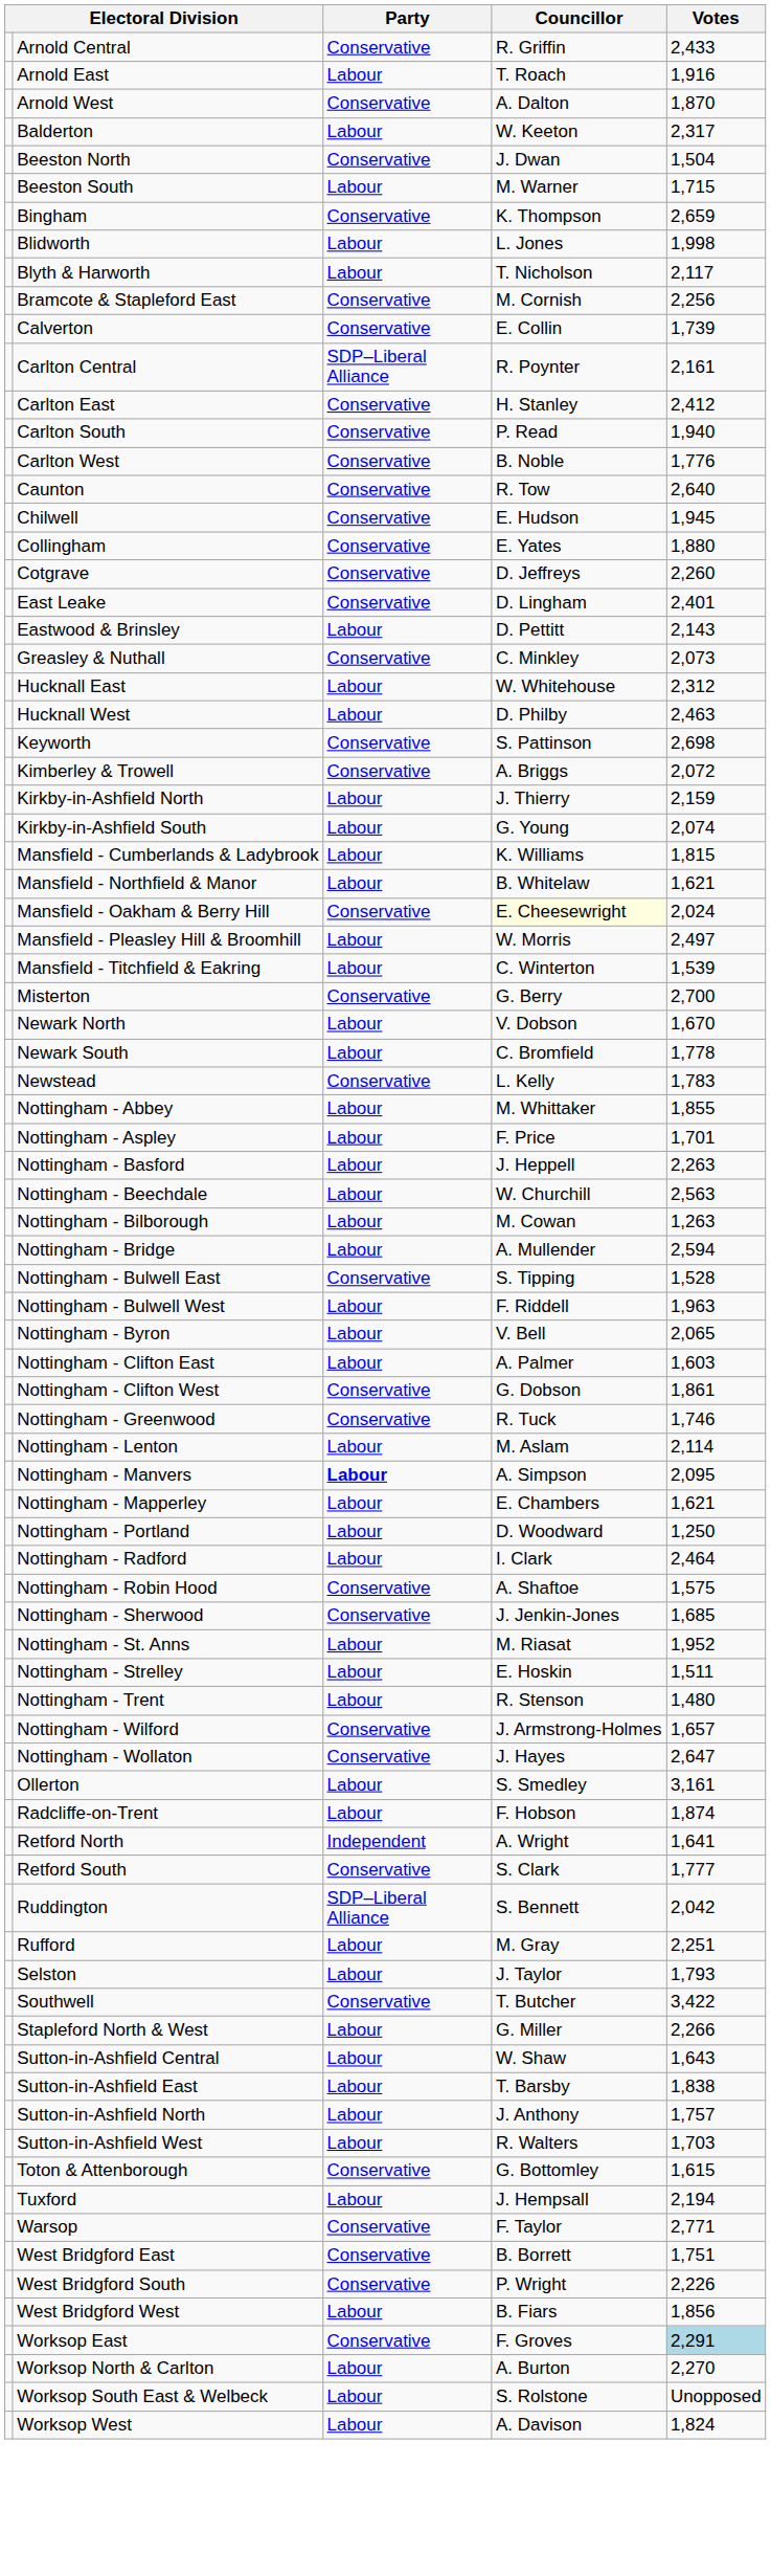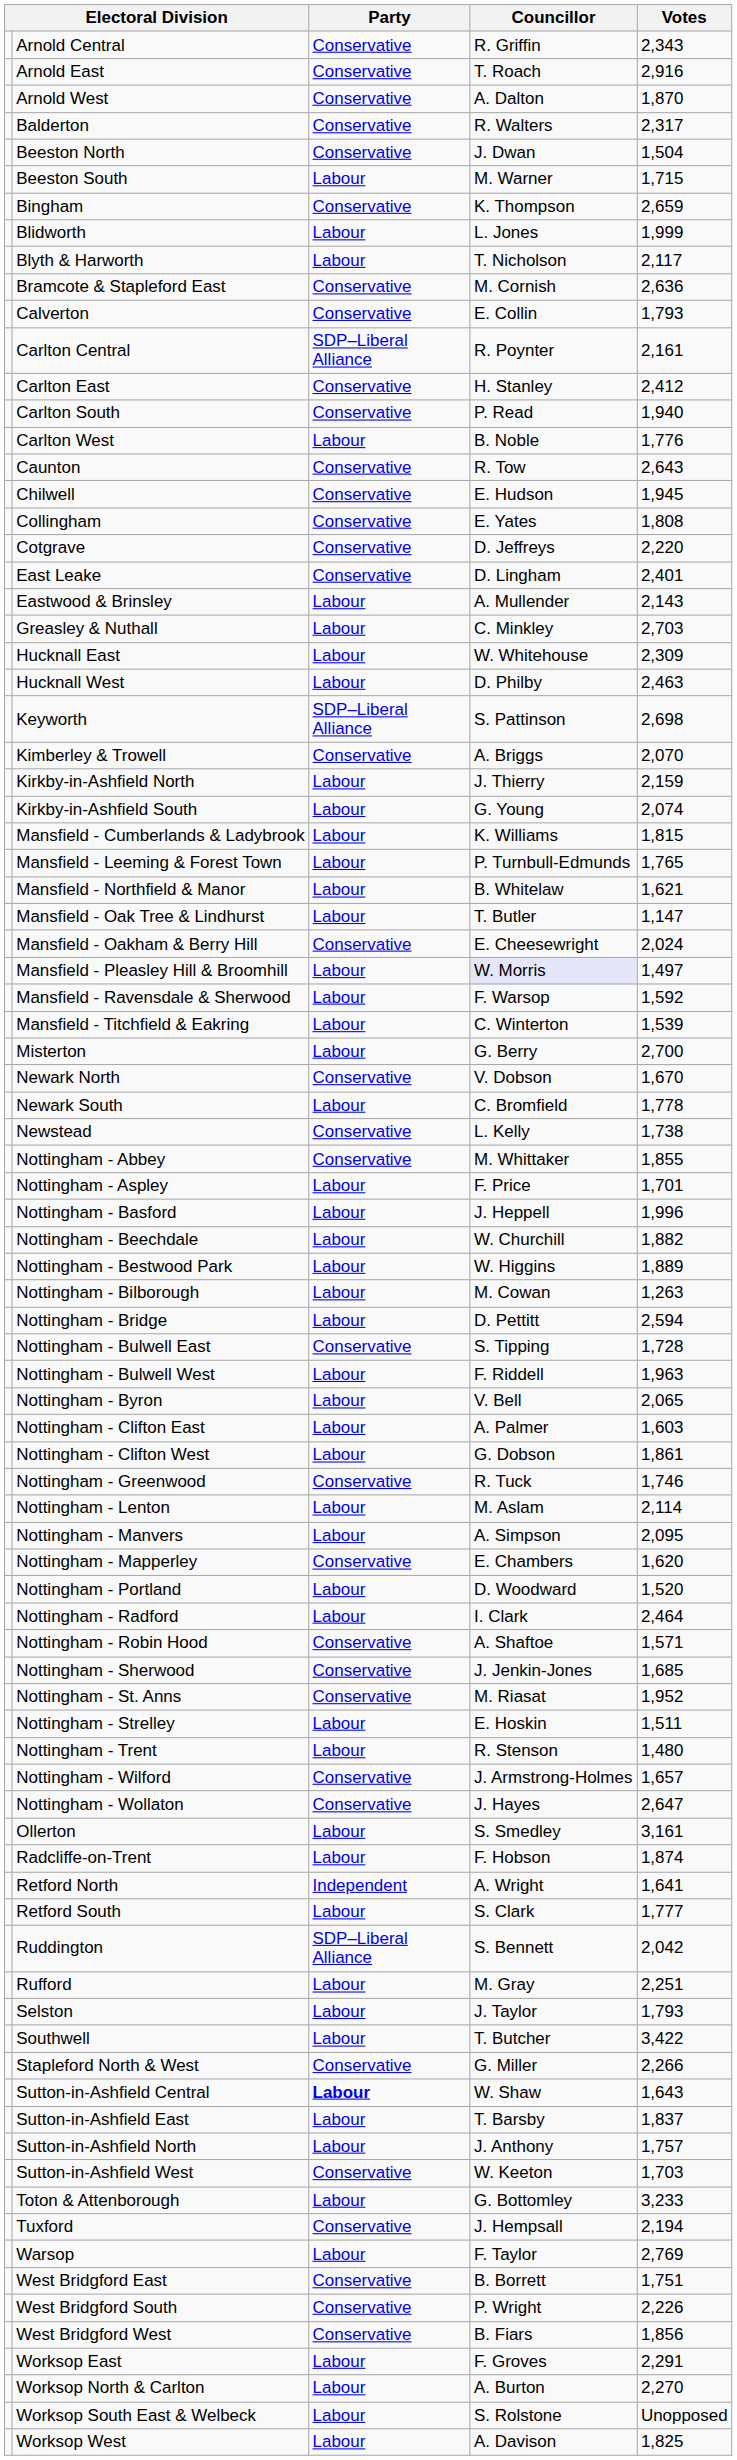 <table class="wikitable">
 <tr>
 <th colspan="2">Electoral Division</th>
 <th width="145px">Party</th>
 <th width="150px">Councillor</th>
 <th width="60px">Votes</th>
 </tr>
 <tr>
 <td style="color:inherit;background:"></td>
 <td>Arnold Central</td>
 <td><a href='#'>Conservative</a></td>
 <td>R. Griffin</td>
-<td>2,433</td>
+<td>2,343</td>
 </tr>
 <tr>
 <td style="color:inherit;background:"></td>
 <td>Arnold East</td>
-<td><a href='#'>Labour</a></td>
+<td><a href='#'>Conservative</a></td>
 <td>T. Roach</td>
-<td>1,916</td>
+<td>2,916</td>
 </tr>
 <tr>
 <td style="color:inherit;background:"></td>
 <td>Arnold West</td>
 <td><a href='#'>Conservative</a></td>
 <td>A. Dalton</td>
 <td>1,870</td>
 </tr>
 <tr>
 <td style="color:inherit;background:"></td>
 <td>Balderton</td>
-<td><a href='#'>Labour</a></td>
-<td>W. Keeton</td>
+<td><a href='#'>Conservative</a></td>
+<td>R. Walters</td>
 <td>2,317</td>
 </tr>
 <tr>
 <td style="color:inherit;background:"></td>
 <td>Beeston North</td>
 <td><a href='#'>Conservative</a></td>
 <td>J. Dwan</td>
 <td>1,504</td>
 </tr>
 <tr>
 <td style="color:inherit;background:"></td>
 <td>Beeston South</td>
 <td><a href='#'>Labour</a></td>
 <td>M. Warner</td>
 <td>1,715</td>
 </tr>
 <tr>
 <td style="color:inherit;background:"></td>
 <td>Bingham</td>
 <td><a href='#'>Conservative</a></td>
 <td>K. Thompson</td>
 <td>2,659</td>
 </tr>
 <tr>
 <td style="color:inherit;background:"></td>
 <td>Blidworth</td>
 <td><a href='#'>Labour</a></td>
 <td>L. Jones</td>
-<td>1,998</td>
+<td>1,999</td>
 </tr>
 <tr>
 <td style="color:inherit;background:"></td>
 <td>Blyth & Harworth</td>
 <td><a href='#'>Labour</a></td>
 <td>T. Nicholson</td>
 <td>2,117</td>
 </tr>
 <tr>
 <td style="color:inherit;background:"></td>
 <td>Bramcote & Stapleford East</td>
 <td><a href='#'>Conservative</a></td>
 <td>M. Cornish</td>
-<td>2,256</td>
+<td>2,636</td>
 </tr>
 <tr>
 <td style="color:inherit;background:"></td>
 <td>Calverton</td>
 <td><a href='#'>Conservative</a></td>
 <td>E. Collin</td>
-<td>1,739</td>
+<td>1,793</td>
 </tr>
 <tr>
 <td style="color:inherit;background:"></td>
 <td>Carlton Central</td>
 <td><a href='#'>SDP–Liberal Alliance</a></td>
 <td>R. Poynter</td>
 <td>2,161</td>
 </tr>
 <tr>
 <td style="color:inherit;background:"></td>
 <td>Carlton East</td>
 <td><a href='#'>Conservative</a></td>
 <td>H. Stanley</td>
 <td>2,412</td>
 </tr>
 <tr>
 <td style="color:inherit;background:"></td>
 <td>Carlton South</td>
 <td><a href='#'>Conservative</a></td>
 <td>P. Read</td>
 <td>1,940</td>
 </tr>
 <tr>
 <td style="color:inherit;background:"></td>
 <td>Carlton West</td>
-<td><a href='#'>Conservative</a></td>
+<td><a href='#'>Labour</a></td>
 <td>B. Noble</td>
 <td>1,776</td>
 </tr>
 <tr>
 <td style="color:inherit;background:"></td>
 <td>Caunton</td>
 <td><a href='#'>Conservative</a></td>
 <td>R. Tow</td>
-<td>2,640</td>
+<td>2,643</td>
 </tr>
 <tr>
 <td style="color:inherit;background:"></td>
 <td>Chilwell</td>
 <td><a href='#'>Conservative</a></td>
 <td>E. Hudson</td>
 <td>1,945</td>
 </tr>
 <tr>
 <td style="color:inherit;background:"></td>
 <td>Collingham</td>
 <td><a href='#'>Conservative</a></td>
 <td>E. Yates</td>
-<td>1,880</td>
+<td>1,808</td>
 </tr>
 <tr>
 <td style="color:inherit;background:"></td>
 <td>Cotgrave</td>
 <td><a href='#'>Conservative</a></td>
 <td>D. Jeffreys</td>
-<td>2,260</td>
+<td>2,220</td>
 </tr>
 <tr>
 <td style="color:inherit;background:"></td>
 <td>East Leake</td>
 <td><a href='#'>Conservative</a></td>
 <td>D. Lingham</td>
 <td>2,401</td>
 </tr>
 <tr>
 <td style="color:inherit;background:"></td>
 <td>Eastwood & Brinsley</td>
 <td><a href='#'>Labour</a></td>
-<td>D. Pettitt</td>
+<td>A. Mullender</td>
 <td>2,143</td>
 </tr>
 <tr>
 <td style="color:inherit;background:"></td>
 <td>Greasley & Nuthall</td>
-<td><a href='#'>Conservative</a></td>
+<td><a href='#'>Labour</a></td>
 <td>C. Minkley</td>
-<td>2,073</td>
+<td>2,703</td>
 </tr>
 <tr>
 <td style="color:inherit;background:"></td>
 <td>Hucknall East</td>
 <td><a href='#'>Labour</a></td>
 <td>W. Whitehouse</td>
-<td>2,312</td>
+<td>2,309</td>
 </tr>
 <tr>
 <td style="color:inherit;background:"></td>
 <td>Hucknall West</td>
 <td><a href='#'>Labour</a></td>
 <td>D. Philby</td>
 <td>2,463</td>
 </tr>
 <tr>
 <td style="color:inherit;background:"></td>
 <td>Keyworth</td>
-<td><a href='#'>Conservative</a></td>
+<td><a href='#'>SDP–Liberal Alliance</a></td>
 <td>S. Pattinson</td>
 <td>2,698</td>
 </tr>
 <tr>
 <td style="color:inherit;background:"></td>
 <td>Kimberley & Trowell</td>
 <td><a href='#'>Conservative</a></td>
 <td>A. Briggs</td>
-<td>2,072</td>
+<td>2,070</td>
 </tr>
 <tr>
 <td style="color:inherit;background:"></td>
 <td>Kirkby-in-Ashfield North</td>
 <td><a href='#'>Labour</a></td>
 <td>J. Thierry</td>
 <td>2,159</td>
 </tr>
 <tr>
 <td style="color:inherit;background:"></td>
 <td>Kirkby-in-Ashfield South</td>
 <td><a href='#'>Labour</a></td>
 <td>G. Young</td>
 <td>2,074</td>
 </tr>
 <tr>
 <td style="color:inherit;background:"></td>
 <td>Mansfield - Cumberlands & Ladybrook</td>
 <td><a href='#'>Labour</a></td>
 <td>K. Williams</td>
 <td>1,815</td>
 </tr>
 <tr>
 <td style="color:inherit;background:"></td>
+<td>Mansfield - Leeming & Forest Town</td>
+<td><a href='#'>Labour</a></td>
+<td>P. Turnbull-Edmunds</td>
+<td>1,765</td>
+</tr>
+<tr>
+<td style="color:inherit;background:"></td>
 <td>Mansfield - Northfield & Manor</td>
 <td><a href='#'>Labour</a></td>
 <td>B. Whitelaw</td>
 <td>1,621</td>
 </tr>
 <tr>
 <td style="color:inherit;background:"></td>
+<td>Mansfield - Oak Tree & Lindhurst</td>
+<td><a href='#'>Labour</a></td>
+<td>T. Butler</td>
+<td>1,147</td>
+</tr>
+<tr>
+<td style="color:inherit;background:"></td>
 <td>Mansfield - Oakham & Berry Hill</td>
 <td><a href='#'>Conservative</a></td>
-<td style="background: lightyellow;">E. Cheesewright</td>
+<td>E. Cheesewright</td>
 <td>2,024</td>
 </tr>
 <tr>
 <td style="color:inherit;background:"></td>
 <td>Mansfield - Pleasley Hill & Broomhill</td>
 <td><a href='#'>Labour</a></td>
-<td>W. Morris</td>
-<td>2,497</td>
+<td style="background: lavender;">W. Morris</td>
+<td>1,497</td>
+</tr>
+<tr>
+<td style="color:inherit;background:"></td>
+<td>Mansfield - Ravensdale & Sherwood</td>
+<td><a href='#'>Labour</a></td>
+<td>F. Warsop</td>
+<td>1,592</td>
 </tr>
 <tr>
 <td style="color:inherit;background:"></td>
 <td>Mansfield - Titchfield & Eakring</td>
 <td><a href='#'>Labour</a></td>
 <td>C. Winterton</td>
 <td>1,539</td>
 </tr>
 <tr>
 <td style="color:inherit;background:"></td>
 <td>Misterton</td>
-<td><a href='#'>Conservative</a></td>
+<td><a href='#'>Labour</a></td>
 <td>G. Berry</td>
 <td>2,700</td>
 </tr>
 <tr>
 <td style="color:inherit;background:"></td>
 <td>Newark North</td>
-<td><a href='#'>Labour</a></td>
+<td><a href='#'>Conservative</a></td>
 <td>V. Dobson</td>
 <td>1,670</td>
 </tr>
 <tr>
 <td style="color:inherit;background:"></td>
 <td>Newark South</td>
 <td><a href='#'>Labour</a></td>
 <td>C. Bromfield</td>
 <td>1,778</td>
 </tr>
 <tr>
 <td style="color:inherit;background:"></td>
 <td>Newstead</td>
 <td><a href='#'>Conservative</a></td>
 <td>L. Kelly</td>
-<td>1,783</td>
+<td>1,738</td>
 </tr>
 <tr>
 <td style="color:inherit;background:"></td>
 <td>Nottingham - Abbey</td>
-<td><a href='#'>Labour</a></td>
+<td><a href='#'>Conservative</a></td>
 <td>M. Whittaker</td>
 <td>1,855</td>
 </tr>
 <tr>
 <td style="color:inherit;background:"></td>
 <td>Nottingham - Aspley</td>
 <td><a href='#'>Labour</a></td>
 <td>F. Price</td>
 <td>1,701</td>
 </tr>
 <tr>
 <td style="color:inherit;background:"></td>
 <td>Nottingham - Basford</td>
 <td><a href='#'>Labour</a></td>
 <td>J. Heppell</td>
-<td>2,263</td>
+<td>1,996</td>
 </tr>
 <tr>
 <td style="color:inherit;background:"></td>
 <td>Nottingham - Beechdale</td>
 <td><a href='#'>Labour</a></td>
 <td>W. Churchill</td>
-<td>2,563</td>
+<td>1,882</td>
+</tr>
+<tr>
+<td style="color:inherit;background:"></td>
+<td>Nottingham - Bestwood Park</td>
+<td><a href='#'>Labour</a></td>
+<td>W. Higgins</td>
+<td>1,889</td>
 </tr>
 <tr>
 <td style="color:inherit;background:"></td>
 <td>Nottingham - Bilborough</td>
 <td><a href='#'>Labour</a></td>
 <td>M. Cowan</td>
 <td>1,263</td>
 </tr>
 <tr>
 <td style="color:inherit;background:"></td>
 <td>Nottingham - Bridge</td>
 <td><a href='#'>Labour</a></td>
-<td>A. Mullender</td>
+<td>D. Pettitt</td>
 <td>2,594</td>
 </tr>
 <tr>
 <td style="color:inherit;background:"></td>
 <td>Nottingham - Bulwell East</td>
 <td><a href='#'>Conservative</a></td>
 <td>S. Tipping</td>
-<td>1,528</td>
+<td>1,728</td>
 </tr>
 <tr>
 <td style="color:inherit;background:"></td>
 <td>Nottingham - Bulwell West</td>
 <td><a href='#'>Labour</a></td>
 <td>F. Riddell</td>
 <td>1,963</td>
 </tr>
 <tr>
 <td style="color:inherit;background:"></td>
 <td>Nottingham - Byron</td>
 <td><a href='#'>Labour</a></td>
 <td>V. Bell</td>
 <td>2,065</td>
 </tr>
 <tr>
 <td style="color:inherit;background:"></td>
 <td>Nottingham - Clifton East</td>
 <td><a href='#'>Labour</a></td>
 <td>A. Palmer</td>
 <td>1,603</td>
 </tr>
 <tr>
 <td style="color:inherit;background:"></td>
 <td>Nottingham - Clifton West</td>
-<td><a href='#'>Conservative</a></td>
+<td><a href='#'>Labour</a></td>
 <td>G. Dobson</td>
 <td>1,861</td>
 </tr>
 <tr>
 <td style="color:inherit;background:"></td>
 <td>Nottingham - Greenwood</td>
 <td><a href='#'>Conservative</a></td>
 <td>R. Tuck</td>
 <td>1,746</td>
 </tr>
 <tr>
 <td style="color:inherit;background:"></td>
 <td>Nottingham - Lenton</td>
 <td><a href='#'>Labour</a></td>
 <td>M. Aslam</td>
 <td>2,114</td>
 </tr>
 <tr>
 <td style="color:inherit;background:"></td>
 <td>Nottingham - Manvers</td>
-<td><strong><a href='#'>Labour</a></strong></td>
+<td><a href='#'>Labour</a></td>
 <td>A. Simpson</td>
 <td>2,095</td>
 </tr>
 <tr>
 <td style="color:inherit;background:"></td>
 <td>Nottingham - Mapperley</td>
-<td><a href='#'>Labour</a></td>
+<td><a href='#'>Conservative</a></td>
 <td>E. Chambers</td>
-<td>1,621</td>
+<td>1,620</td>
 </tr>
 <tr>
 <td style="color:inherit;background:"></td>
 <td>Nottingham - Portland</td>
 <td><a href='#'>Labour</a></td>
 <td>D. Woodward</td>
-<td>1,250</td>
+<td>1,520</td>
 </tr>
 <tr>
 <td style="color:inherit;background:"></td>
 <td>Nottingham - Radford</td>
 <td><a href='#'>Labour</a></td>
 <td>I. Clark</td>
 <td>2,464</td>
 </tr>
 <tr>
 <td style="color:inherit;background:"></td>
 <td>Nottingham - Robin Hood</td>
 <td><a href='#'>Conservative</a></td>
 <td>A. Shaftoe</td>
-<td>1,575</td>
+<td>1,571</td>
 </tr>
 <tr>
 <td style="color:inherit;background:"></td>
 <td>Nottingham - Sherwood</td>
 <td><a href='#'>Conservative</a></td>
 <td>J. Jenkin-Jones</td>
 <td>1,685</td>
 </tr>
 <tr>
 <td style="color:inherit;background:"></td>
 <td>Nottingham - St. Anns</td>
-<td><a href='#'>Labour</a></td>
+<td><a href='#'>Conservative</a></td>
 <td>M. Riasat</td>
 <td>1,952</td>
 </tr>
 <tr>
 <td style="color:inherit;background:"></td>
 <td>Nottingham - Strelley</td>
 <td><a href='#'>Labour</a></td>
 <td>E. Hoskin</td>
 <td>1,511</td>
 </tr>
 <tr>
 <td style="color:inherit;background:"></td>
 <td>Nottingham - Trent</td>
 <td><a href='#'>Labour</a></td>
 <td>R. Stenson</td>
 <td>1,480</td>
 </tr>
 <tr>
 <td style="color:inherit;background:"></td>
 <td>Nottingham - Wilford</td>
 <td><a href='#'>Conservative</a></td>
 <td>J. Armstrong-Holmes</td>
 <td>1,657</td>
 </tr>
 <tr>
 <td style="color:inherit;background:"></td>
 <td>Nottingham - Wollaton</td>
 <td><a href='#'>Conservative</a></td>
 <td>J. Hayes</td>
 <td>2,647</td>
 </tr>
 <tr>
 <td style="color:inherit;background:"></td>
 <td>Ollerton</td>
 <td><a href='#'>Labour</a></td>
 <td>S. Smedley</td>
 <td>3,161</td>
 </tr>
 <tr>
 <td style="color:inherit;background:"></td>
 <td>Radcliffe-on-Trent</td>
 <td><a href='#'>Labour</a></td>
 <td>F. Hobson</td>
 <td>1,874</td>
 </tr>
 <tr>
 <td style="color:inherit;background:"></td>
 <td>Retford North</td>
 <td><a href='#'>Independent</a></td>
 <td>A. Wright</td>
 <td>1,641</td>
 </tr>
 <tr>
 <td style="color:inherit;background:"></td>
 <td>Retford South</td>
-<td><a href='#'>Conservative</a></td>
+<td><a href='#'>Labour</a></td>
 <td>S. Clark</td>
 <td>1,777</td>
 </tr>
 <tr>
 <td style="color:inherit;background:"></td>
 <td>Ruddington</td>
 <td><a href='#'>SDP–Liberal Alliance</a></td>
 <td>S. Bennett</td>
 <td>2,042</td>
 </tr>
 <tr>
 <td style="color:inherit;background:"></td>
 <td>Rufford</td>
 <td><a href='#'>Labour</a></td>
 <td>M. Gray</td>
 <td>2,251</td>
 </tr>
 <tr>
 <td style="color:inherit;background:"></td>
 <td>Selston</td>
 <td><a href='#'>Labour</a></td>
 <td>J. Taylor</td>
 <td>1,793</td>
 </tr>
 <tr>
 <td style="color:inherit;background:"></td>
 <td>Southwell</td>
-<td><a href='#'>Conservative</a></td>
+<td><a href='#'>Labour</a></td>
 <td>T. Butcher</td>
 <td>3,422</td>
 </tr>
 <tr>
 <td style="color:inherit;background:"></td>
 <td>Stapleford North & West</td>
-<td><a href='#'>Labour</a></td>
+<td><a href='#'>Conservative</a></td>
 <td>G. Miller</td>
 <td>2,266</td>
 </tr>
 <tr>
 <td style="color:inherit;background:"></td>
 <td>Sutton-in-Ashfield Central</td>
-<td><a href='#'>Labour</a></td>
+<td><strong><a href='#'>Labour</a></strong></td>
 <td>W. Shaw</td>
 <td>1,643</td>
 </tr>
 <tr>
 <td style="color:inherit;background:"></td>
 <td>Sutton-in-Ashfield East</td>
 <td><a href='#'>Labour</a></td>
 <td>T. Barsby</td>
-<td>1,838</td>
+<td>1,837</td>
 </tr>
 <tr>
 <td style="color:inherit;background:"></td>
 <td>Sutton-in-Ashfield North</td>
 <td><a href='#'>Labour</a></td>
 <td>J. Anthony</td>
 <td>1,757</td>
 </tr>
 <tr>
 <td style="color:inherit;background:"></td>
 <td>Sutton-in-Ashfield West</td>
-<td><a href='#'>Labour</a></td>
-<td>R. Walters</td>
+<td><a href='#'>Conservative</a></td>
+<td>W. Keeton</td>
 <td>1,703</td>
 </tr>
 <tr>
 <td style="color:inherit;background:"></td>
 <td>Toton & Attenborough</td>
-<td><a href='#'>Conservative</a></td>
+<td><a href='#'>Labour</a></td>
 <td>G. Bottomley</td>
-<td>1,615</td>
+<td>3,233</td>
 </tr>
 <tr>
 <td style="color:inherit;background:"></td>
 <td>Tuxford</td>
-<td><a href='#'>Labour</a></td>
+<td><a href='#'>Conservative</a></td>
 <td>J. Hempsall</td>
 <td>2,194</td>
 </tr>
 <tr>
 <td style="color:inherit;background:"></td>
 <td>Warsop</td>
-<td><a href='#'>Conservative</a></td>
+<td><a href='#'>Labour</a></td>
 <td>F. Taylor</td>
-<td>2,771</td>
+<td>2,769</td>
 </tr>
 <tr>
 <td style="color:inherit;background:"></td>
 <td>West Bridgford East</td>
 <td><a href='#'>Conservative</a></td>
 <td>B. Borrett</td>
 <td>1,751</td>
 </tr>
 <tr>
 <td style="color:inherit;background:"></td>
 <td>West Bridgford South</td>
 <td><a href='#'>Conservative</a></td>
 <td>P. Wright</td>
 <td>2,226</td>
 </tr>
 <tr>
 <td style="color:inherit;background:"></td>
 <td>West Bridgford West</td>
-<td><a href='#'>Labour</a></td>
+<td><a href='#'>Conservative</a></td>
 <td>B. Fiars</td>
 <td>1,856</td>
 </tr>
 <tr>
 <td style="color:inherit;background:"></td>
 <td>Worksop East</td>
-<td><a href='#'>Conservative</a></td>
+<td><a href='#'>Labour</a></td>
 <td>F. Groves</td>
-<td style="background: lightblue;">2,291</td>
+<td>2,291</td>
 </tr>
 <tr>
 <td style="color:inherit;background:"></td>
 <td>Worksop North & Carlton</td>
 <td><a href='#'>Labour</a></td>
 <td>A. Burton</td>
 <td>2,270</td>
 </tr>
 <tr>
 <td style="color:inherit;background:"></td>
 <td>Worksop South East & Welbeck</td>
 <td><a href='#'>Labour</a></td>
 <td>S. Rolstone</td>
 <td>Unopposed</td>
 </tr>
 <tr>
 <td style="color:inherit;background:"></td>
 <td>Worksop West</td>
 <td><a href='#'>Labour</a></td>
 <td>A. Davison</td>
-<td>1,824</td>
+<td>1,825</td>
 </tr>
 </table>
